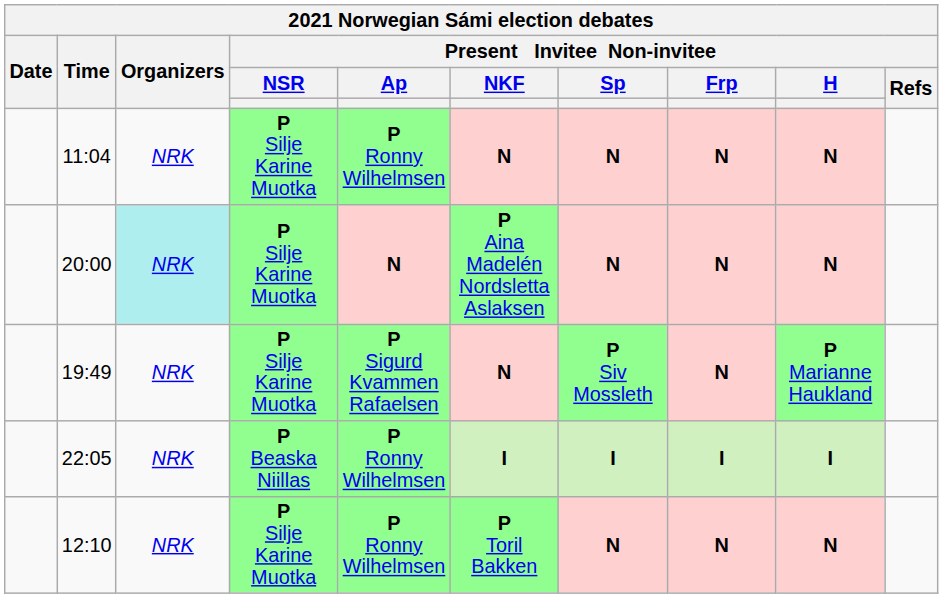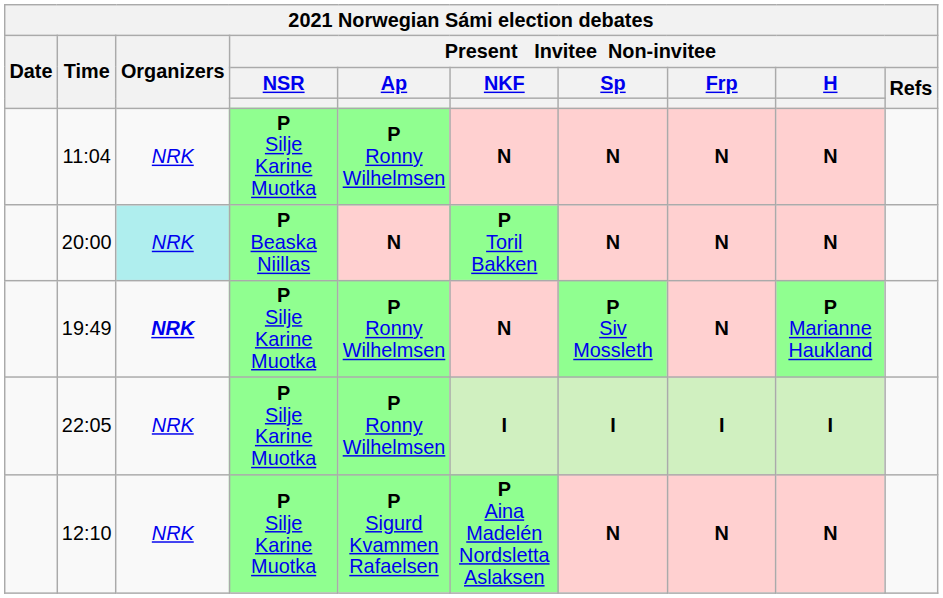 <table class="wikitable" style="font-size:85%; line-height:15px; text-align:center;">
 <tr>
 <th colspan="11">2021 Norwegian Sámi election debates</th>
 </tr>
 <tr>
 <th rowspan="3">Date</th>
 <th rowspan="3">Time</th>
 <th rowspan="3">Organizers</th>
 <th colspan="8"> Present    Invitee  Non-invitee </th>
 </tr>
 <tr>
 <th scope="col" style="width:5em;"><a href='#'>NSR</a></th>
 <th scope="col" style="width:5em;"><a href='#'>Ap</a></th>
 <th scope="col" style="width:5em;"><a href='#'>NKF</a></th>
 <th scope="col" style="width:5em;"><a href='#'>Sp</a></th>
 <th scope="col" style="width:5em;"><a href='#'>Frp</a></th>
 <th scope="col" style="width:5em;"><a href='#'>H</a></th>
 <th rowspan="2">Refs</th>
 </tr>
 <tr>
 <th style="background:"></th>
 <th style="background:"></th>
 <th style="background:"></th>
 <th style="background:"></th>
 <th style="background:"></th>
 <th style="background:"></th>
 </tr>
 <tr>
 <td></td>
 <td>11:04</td>
 <td><em><a href='#'>NRK</a></em></td>
 <td style="background:#90FF90"><strong>P</strong><br><a href='#'>Silje Karine Muotka</a></td>
 <td style="background:#90FF90"><strong>P</strong><br><a href='#'>Ronny Wilhelmsen</a></td>
 <td style="background:#FFD0D0"><strong>N</strong><br></td>
 <td style="background:#FFD0D0"><strong>N</strong><br></td>
 <td style="background:#FFD0D0"><strong>N</strong><br></td>
 <td style="background:#FFD0D0"><strong>N</strong><br></td>
 <td></td>
 </tr>
 <tr>
 <td></td>
 <td>20:00</td>
 <td style="background: paleturquoise;"><em><a href='#'>NRK</a></em></td>
-<td style="background:#90FF90"><strong>P</strong><br><a href='#'>Silje Karine Muotka</a></td>
+<td style="background:#90FF90"><strong>P</strong><br><a href='#'>Beaska Niillas</a></td>
 <td style="background:#FFD0D0"><strong>N</strong><br></td>
-<td style="background:#90FF90"><strong>P</strong><br><a href='#'>Aina Madelén Nordsletta Aslaksen</a></td>
+<td style="background:#90FF90"><strong>P</strong><br><a href='#'>Toril Bakken</a></td>
 <td style="background:#FFD0D0"><strong>N</strong><br></td>
 <td style="background:#FFD0D0"><strong>N</strong><br></td>
 <td style="background:#FFD0D0"><strong>N</strong><br></td>
 <td></td>
 </tr>
 <tr>
 <td></td>
 <td>19:49</td>
-<td><em><a href='#'>NRK</a></em></td>
+<td><strong><em><a href='#'>NRK</a></em></strong></td>
 <td style="background:#90FF90"><strong>P</strong><br><a href='#'>Silje Karine Muotka</a></td>
-<td style="background:#90FF90"><strong>P</strong><br><a href='#'>Sigurd Kvammen Rafaelsen</a></td>
+<td style="background:#90FF90"><strong>P</strong><br><a href='#'>Ronny Wilhelmsen</a></td>
 <td style="background:#FFD0D0"><strong>N</strong><br></td>
 <td style="background:#90FF90"><strong>P</strong><br><a href='#'>Siv Mossleth</a></td>
 <td style="background:#FFD0D0"><strong>N</strong><br></td>
 <td style="background:#90FF90"><strong>P</strong><br><a href='#'>Marianne Haukland</a></td>
 <td></td>
 </tr>
 <tr>
 <td></td>
 <td>22:05</td>
 <td><em><a href='#'>NRK</a></em></td>
-<td style="background:#90FF90"><strong>P</strong><br><a href='#'>Beaska Niillas</a></td>
+<td style="background:#90FF90"><strong>P</strong><br><a href='#'>Silje Karine Muotka</a></td>
 <td style="background:#90FF90"><strong>P</strong><br><a href='#'>Ronny Wilhelmsen</a></td>
 <td style="background:#D0F0C0"><strong>I</strong><br></td>
 <td style="background:#D0F0C0"><strong>I</strong><br></td>
 <td style="background:#D0F0C0"><strong>I</strong><br></td>
 <td style="background:#D0F0C0"><strong>I</strong><br></td>
 <td></td>
 </tr>
 <tr>
 <td></td>
 <td>12:10</td>
 <td><em><a href='#'>NRK</a></em></td>
 <td style="background:#90FF90"><strong>P</strong><br><a href='#'>Silje Karine Muotka</a></td>
-<td style="background:#90FF90"><strong>P</strong><br><a href='#'>Ronny Wilhelmsen</a></td>
-<td style="background:#90FF90"><strong>P</strong><br><a href='#'>Toril Bakken</a></td>
+<td style="background:#90FF90"><strong>P</strong><br><a href='#'>Sigurd Kvammen Rafaelsen</a></td>
+<td style="background:#90FF90"><strong>P</strong><br><a href='#'>Aina Madelén Nordsletta Aslaksen</a></td>
 <td style="background:#FFD0D0"><strong>N</strong><br></td>
 <td style="background:#FFD0D0"><strong>N</strong><br></td>
 <td style="background:#FFD0D0"><strong>N</strong><br></td>
 <td></td>
 </tr>
 </table>
